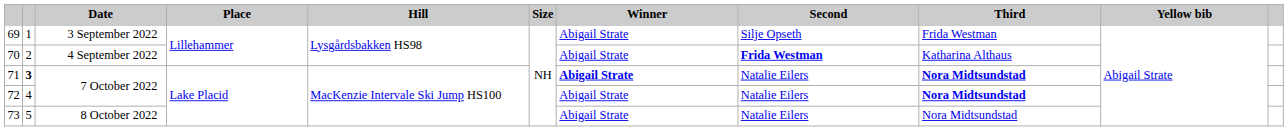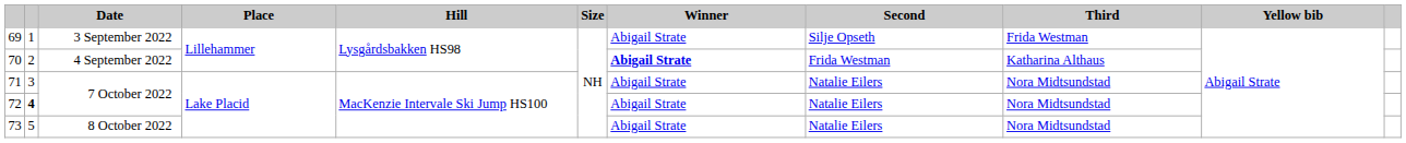 <table class="wikitable plainrowheaders" style="background:#fff; font-size:86%; line-height:16px; border:grey solid 1px; border-collapse:collapse;">
 <tr>
 <th scope="col" style="background:#ccc; width=30 px;"></th>
 <th scope="col" style="background:#ccc; width=45 px;"></th>
 <th scope="col" style="background:#ccc; width:140px;">Date</th>
 <th scope="col" style="background:#ccc; width:150px;">Place</th>
 <th scope="col" style="background:#ccc; width:240px;">Hill</th>
 <th scope="col" style="background:#ccc; width:20px;">Size</th>
 <th scope="col" style="background:#ccc; width:195px;">Winner</th>
 <th scope="col" style="background:#ccc; width:195px;">Second</th>
 <th scope="col" style="background:#ccc; width:195px;">Third</th>
 <th scope="col" style="background:#ccc; width:180px;">Yellow bib</th>
 <th scope="col" style="background:#ccc; width:10px;"></th>
 </tr>
 <tr>
 <td align="center">69</td>
 <td align="center">1</td>
 <td align="right">3 September 2022  </td>
 <td rowspan=2> <a href='#'>Lillehammer</a></td>
 <td rowspan=2><a href='#'>Lysgårdsbakken</a> HS98</td>
 <td rowspan=5 align="center">NH</td>
 <td> <a href='#'>Abigail Strate</a></td>
 <td> <a href='#'>Silje Opseth</a></td>
 <td> <a href='#'>Frida Westman</a></td>
 <td rowspan=5> <a href='#'>Abigail Strate</a></td>
 <td></td>
 </tr>
 <tr>
 <td align="center">70</td>
 <td align="center">2</td>
 <td align="right">4 September 2022  </td>
-<td> <a href='#'>Abigail Strate</a></td>
-<td><strong> <a href='#'>Frida Westman</a></strong></td>
+<td><strong> <a href='#'>Abigail Strate</a></strong></td>
+<td> <a href='#'>Frida Westman</a></td>
 <td> <a href='#'>Katharina Althaus</a></td>
 <td></td>
 </tr>
 <tr>
 <td align="center">71</td>
-<td align="center"><strong>3</strong></td>
+<td align="center">3</td>
 <td rowspan=2 align="right">7 October 2022  </td>
 <td rowspan=3> <a href='#'>Lake Placid</a></td>
 <td rowspan=3><a href='#'>MacKenzie Intervale Ski Jump</a> HS100</td>
-<td><strong> <a href='#'>Abigail Strate</a></strong></td>
+<td> <a href='#'>Abigail Strate</a></td>
 <td> <a href='#'>Natalie Eilers</a></td>
-<td><strong> <a href='#'>Nora Midtsundstad</a></strong></td>
+<td> <a href='#'>Nora Midtsundstad</a></td>
 <td></td>
 </tr>
 <tr>
 <td align="center">72</td>
-<td align="center">4</td>
+<td align="center"><strong>4</strong></td>
 <td> <a href='#'>Abigail Strate</a></td>
 <td> <a href='#'>Natalie Eilers</a></td>
-<td><strong> <a href='#'>Nora Midtsundstad</a></strong></td>
+<td> <a href='#'>Nora Midtsundstad</a></td>
 <td></td>
 </tr>
 <tr>
 <td align="center">73</td>
 <td align="center">5</td>
 <td align="right">8 October 2022  </td>
 <td> <a href='#'>Abigail Strate</a></td>
 <td> <a href='#'>Natalie Eilers</a></td>
 <td> <a href='#'>Nora Midtsundstad</a></td>
 <td></td>
 </tr>
 </table>
